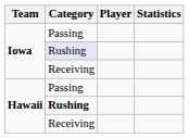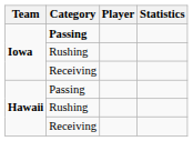 <table class="wikitable" style="float: right;">
 <tr>
 <th>Team</th>
 <th>Category</th>
 <th>Player</th>
 <th>Statistics</th>
 </tr>
 <tr>
 <td rowspan=3><strong>Iowa</strong></td>
-<td>Passing</td>
+<td><strong>Passing</strong></td>
 <td></td>
 <td></td>
 </tr>
 <tr>
-<td style="background: lavender;">Rushing</td>
+<td>Rushing</td>
 <td></td>
 <td></td>
 </tr>
 <tr>
 <td>Receiving</td>
 <td></td>
 <td></td>
 </tr>
 <tr>
 <td rowspan=3><strong>Hawaii</strong></td>
 <td>Passing</td>
 <td></td>
 <td></td>
 </tr>
 <tr>
-<td><strong>Rushing</strong></td>
+<td>Rushing</td>
 <td></td>
 <td></td>
 </tr>
 <tr>
 <td>Receiving</td>
 <td></td>
 <td></td>
 </tr>
 </table>
